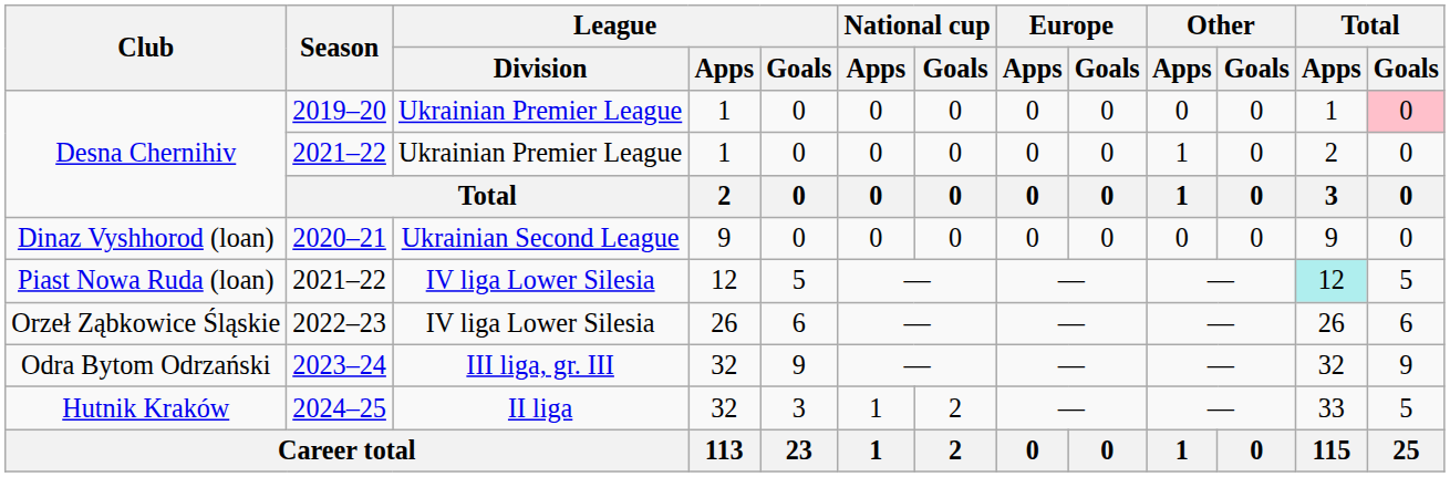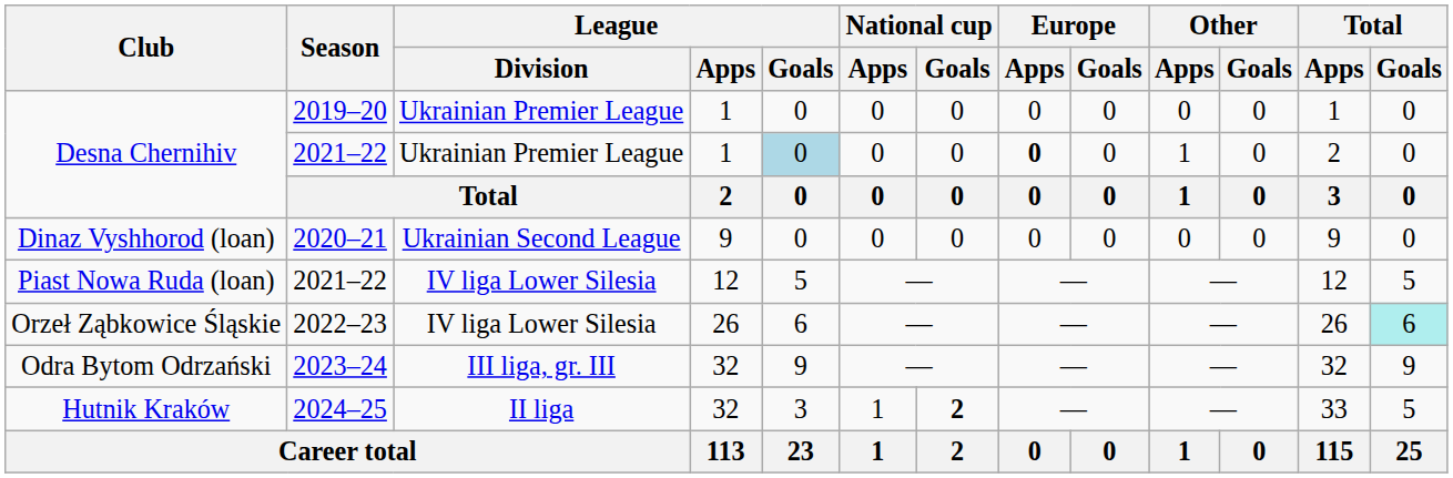 <table class="wikitable" style="text-align:center">
 <tr>
 <th rowspan="2">Club</th>
 <th rowspan="2">Season</th>
 <th colspan="3">League</th>
 <th colspan="2">National cup</th>
 <th colspan="2">Europe</th>
 <th colspan="2">Other</th>
 <th colspan="2">Total</th>
 </tr>
 <tr>
 <th>Division</th>
 <th>Apps</th>
 <th>Goals</th>
 <th>Apps</th>
 <th>Goals</th>
 <th>Apps</th>
 <th>Goals</th>
 <th>Apps</th>
 <th>Goals</th>
 <th>Apps</th>
 <th>Goals</th>
 </tr>
 <tr>
 <td rowspan= "3"><a href='#'>Desna Chernihiv</a></td>
 <td><a href='#'>2019–20</a></td>
 <td><a href='#'>Ukrainian Premier League</a></td>
 <td>1</td>
 <td>0</td>
 <td>0</td>
 <td>0</td>
 <td>0</td>
 <td>0</td>
 <td>0</td>
 <td>0</td>
 <td>1</td>
-<td style="background: pink;">0</td>
+<td>0</td>
 </tr>
 <tr>
 <td><a href='#'>2021–22</a></td>
 <td>Ukrainian Premier League</td>
 <td>1</td>
+<td style="background: lightblue;">0</td>
 <td>0</td>
 <td>0</td>
-<td>0</td>
-<td>0</td>
+<td><strong>0</strong></td>
 <td>0</td>
 <td>1</td>
 <td>0</td>
 <td>2</td>
 <td>0</td>
 </tr>
 <tr>
 <th colspan="2">Total</th>
 <th>2</th>
 <th>0</th>
 <th>0</th>
 <th>0</th>
 <th>0</th>
 <th>0</th>
 <th>1</th>
 <th>0</th>
 <th>3</th>
 <th>0</th>
 </tr>
 <tr>
 <td><a href='#'>Dinaz Vyshhorod</a> (loan)</td>
 <td><a href='#'>2020–21</a></td>
 <td><a href='#'>Ukrainian Second League</a></td>
 <td>9</td>
 <td>0</td>
 <td>0</td>
 <td>0</td>
 <td>0</td>
 <td>0</td>
 <td>0</td>
 <td>0</td>
 <td>9</td>
 <td>0</td>
 </tr>
 <tr>
 <td><a href='#'>Piast Nowa Ruda</a> (loan)</td>
 <td>2021–22</td>
 <td><a href='#'>IV liga Lower Silesia</a></td>
 <td>12</td>
 <td>5</td>
 <td colspan="2">—</td>
 <td colspan="2">—</td>
 <td colspan="2">—</td>
-<td style="background: paleturquoise;">12</td>
+<td>12</td>
 <td>5</td>
 </tr>
 <tr>
 <td>Orzeł Ząbkowice Śląskie</td>
 <td>2022–23</td>
 <td>IV liga Lower Silesia</td>
 <td>26</td>
 <td>6</td>
 <td colspan="2">—</td>
 <td colspan="2">—</td>
 <td colspan="2">—</td>
 <td>26</td>
-<td>6</td>
+<td style="background: paleturquoise;">6</td>
 </tr>
 <tr>
 <td>Odra Bytom Odrzański</td>
 <td><a href='#'>2023–24</a></td>
 <td><a href='#'>III liga, gr. III</a></td>
 <td>32</td>
 <td>9</td>
 <td colspan="2">—</td>
 <td colspan="2">—</td>
 <td colspan="2">—</td>
 <td>32</td>
 <td>9</td>
 </tr>
 <tr>
 <td><a href='#'>Hutnik Kraków</a></td>
 <td><a href='#'>2024–25</a></td>
 <td><a href='#'>II liga</a></td>
 <td>32</td>
 <td>3</td>
 <td>1</td>
-<td>2</td>
+<td><strong>2</strong></td>
 <td colspan="2">—</td>
 <td colspan="2">—</td>
 <td>33</td>
 <td>5</td>
 </tr>
 <tr>
 <th colspan="3">Career total</th>
 <th>113</th>
 <th>23</th>
 <th>1</th>
 <th>2</th>
 <th>0</th>
 <th>0</th>
 <th>1</th>
 <th>0</th>
 <th>115</th>
 <th>25</th>
 </tr>
 </table>
